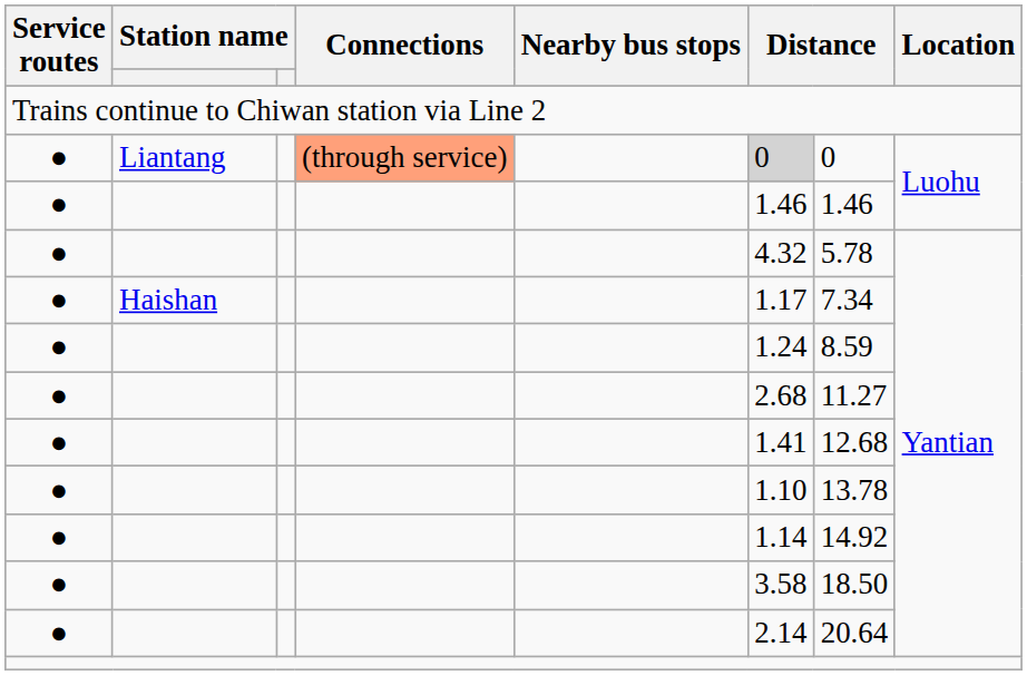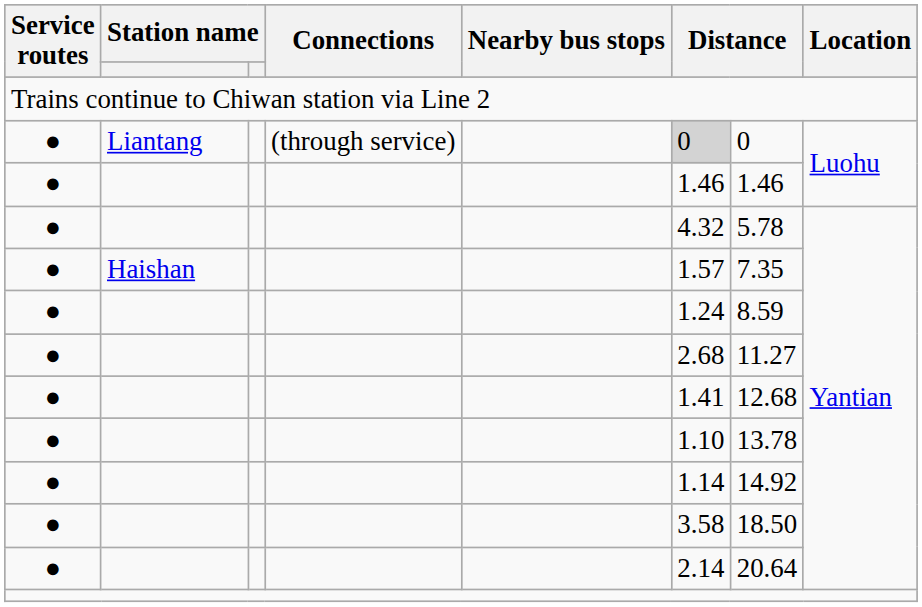 <table class="wikitable">
 <tr>
 <th rowspan="2">Service<br>routes</th>
 <th colspan="2">Station name</th>
 <th rowspan="2">Connections</th>
 <th rowspan="2">Nearby bus stops</th>
 <th colspan="2" rowspan="2">Distance</th>
 <th rowspan="2">Location</th>
 </tr>
 <tr>
 <th></th>
 <th></th>
 </tr>
 <tr style="background:#">
 <td colspan = "9"> Trains continue to Chiwan station via Line 2 </td>
 </tr>
 <tr>
 <td align="center">●</td>
 <td><a href='#'>Liantang</a></td>
 <td></td>
-<td style="background: lightsalmon;"> (through service)</td>
+<td> (through service)</td>
 <td></td>
 <td style="background: lightgrey;">0</td>
 <td>0</td>
 <td rowspan="2"><a href='#'>Luohu</a></td>
 </tr>
 <tr>
 <td align="center">●</td>
 <td></td>
 <td></td>
 <td></td>
 <td></td>
 <td>1.46</td>
 <td>1.46</td>
 </tr>
 <tr>
 <td align="center">●</td>
 <td></td>
 <td></td>
 <td></td>
 <td></td>
 <td>4.32</td>
 <td>5.78</td>
 <td rowspan="9"><a href='#'>Yantian</a></td>
 </tr>
 <tr>
 <td align="center">●</td>
 <td><a href='#'>Haishan</a></td>
 <td></td>
 <td></td>
 <td></td>
-<td>1.17</td>
-<td>7.34</td>
+<td>1.57</td>
+<td>7.35</td>
 </tr>
 <tr>
 <td align="center">●</td>
 <td></td>
 <td></td>
 <td></td>
 <td></td>
 <td>1.24</td>
 <td>8.59</td>
 </tr>
 <tr>
 <td align="center">●</td>
 <td></td>
 <td></td>
 <td></td>
 <td></td>
 <td>2.68</td>
 <td>11.27</td>
 </tr>
 <tr>
 <td align="center">●</td>
 <td></td>
 <td></td>
 <td></td>
 <td></td>
 <td>1.41</td>
 <td>12.68</td>
 </tr>
 <tr>
 <td align="center">●</td>
 <td></td>
 <td></td>
 <td></td>
 <td></td>
 <td>1.10</td>
 <td>13.78</td>
 </tr>
 <tr>
 <td align="center">●</td>
 <td></td>
 <td></td>
 <td></td>
 <td></td>
 <td>1.14</td>
 <td>14.92</td>
 </tr>
 <tr>
 <td align="center">●</td>
 <td></td>
 <td></td>
 <td></td>
 <td></td>
 <td>3.58</td>
 <td>18.50</td>
 </tr>
 <tr>
 <td align="center">●</td>
 <td></td>
 <td></td>
 <td></td>
 <td></td>
 <td>2.14</td>
 <td>20.64</td>
 </tr>
 <tr style="background:#">
 <td colspan = "9"></td>
 </tr>
 </table>
